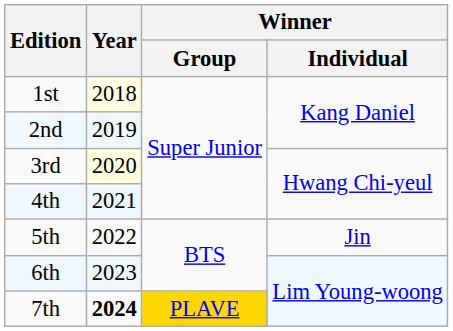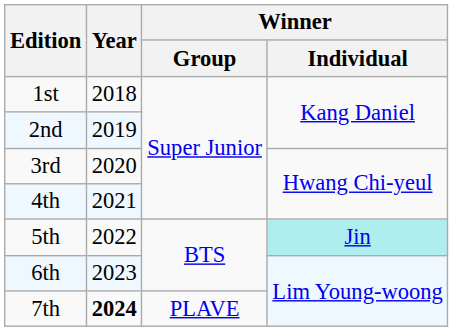 <table class="wikitable" style="text-align:center">
 <tr>
 <th rowspan="2">Edition</th>
 <th rowspan="2">Year</th>
 <th colspan="2">Winner</th>
 </tr>
 <tr>
 <th>Group</th>
 <th>Individual</th>
 </tr>
 <tr>
 <td>1st</td>
-<td style="background: lightyellow;">2018</td>
+<td>2018</td>
 <td rowspan="4"><a href='#'>Super Junior</a></td>
 <td rowspan="2"><a href='#'>Kang Daniel</a></td>
 </tr>
 <tr style="background:#f0f8ff;">
 <td>2nd</td>
 <td>2019</td>
 </tr>
 <tr>
 <td>3rd</td>
-<td style="background: lightyellow;">2020</td>
+<td>2020</td>
 <td rowspan="2"><a href='#'>Hwang Chi-yeul</a></td>
 </tr>
 <tr style="background:#f0f8ff;">
 <td>4th</td>
 <td>2021</td>
 </tr>
 <tr>
 <td>5th</td>
 <td>2022</td>
 <td rowspan="2"><a href='#'>BTS</a></td>
-<td><a href='#'>Jin</a></td>
+<td style="background: paleturquoise;"><a href='#'>Jin</a></td>
 </tr>
 <tr style="background:#f0f8ff;">
 <td>6th</td>
 <td>2023</td>
 <td rowspan="2"><a href='#'>Lim Young-woong</a></td>
 </tr>
 <tr>
 <td>7th</td>
 <td><strong>2024</strong></td>
-<td style="background: gold;"><a href='#'>PLAVE</a></td>
+<td><a href='#'>PLAVE</a></td>
 </tr>
 </table>
